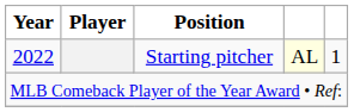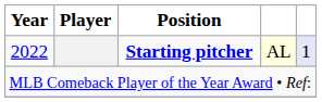 <table class="wikitable sortable plainrowheaders" style="font-size: 95%; text-align:center">
 <tr>
 <th scope="col" style="background-color:#ffffff; border-top:#">Year</th>
 <th scope="col" style="background-color:#ffffff; border-top:#">Player</th>
 <th scope="col" style="background-color:#ffffff; border-top:#">Position</th>
 <th scope="col" style="background-color:#ffffff; border-top:#"></th>
 <th scope="col" style="background-color:#ffffff; border-top:#"></th>
 </tr>
 <tr>
 <td><a href='#'>2022</a></td>
 <th scope="row" style="text-align:center"></th>
-<td><a href='#'>Starting pitcher</a></td>
+<td><strong><a href='#'>Starting pitcher</a></strong></td>
 <td style="background: lightyellow;">AL</td>
-<td>1</td>
+<td style="background: lavender;">1</td>
 </tr>
 <tr class="sortbottom">
 <td style="text-align:right"; colspan="5"><small><a href='#'>MLB Comeback Player of the Year Award</a> • <em>Ref</em>:</small></td>
 </tr>
 <tr>
 </tr>
 </table>
